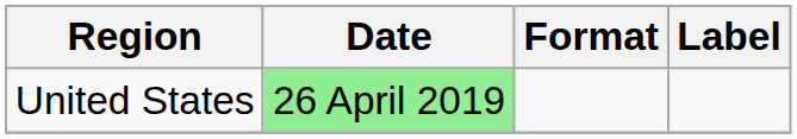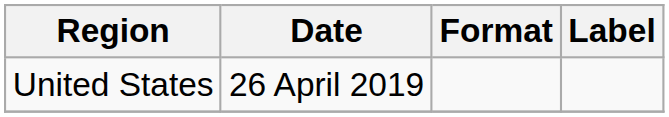 <table class=wikitable>
 <tr>
 <th>Region</th>
 <th>Date</th>
 <th>Format</th>
 <th>Label</th>
 </tr>
 <tr>
 <td>United States</td>
-<td style="background: lightgreen;">26 April 2019</td>
+<td>26 April 2019</td>
 <td></td>
 <td></td>
 </tr>
 <tr>
 </tr>
 </table>
